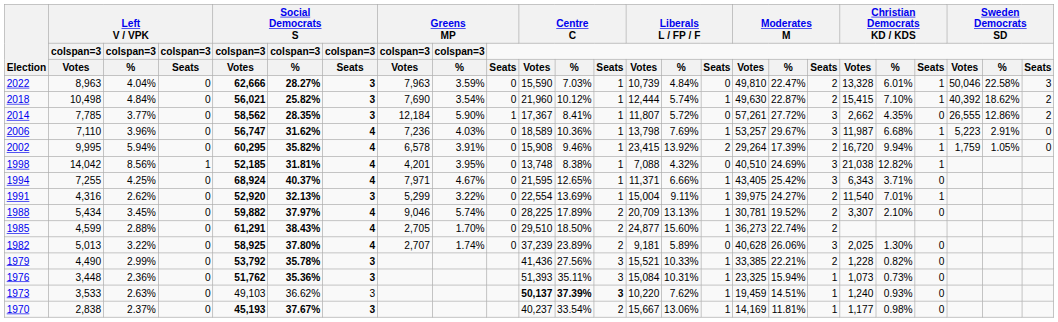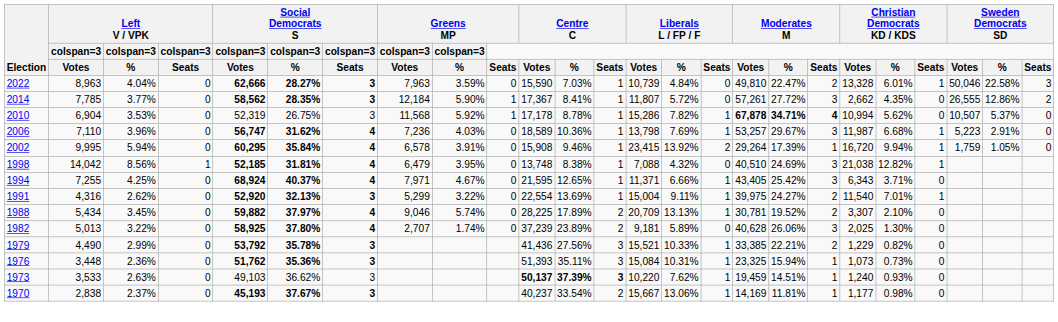 <table class="wikitable" border="1" style="font-size:95%; text-align:right;">
 <tr>
 <th style="text-align:left;" valign=bottom rowspan=3>Election</th>
 <th valign=bottom colspan=3><a href='#'>Left</a><br>V / VPK</th>
 <th valign=bottom colspan=3><a href='#'>Social<br>Democrats</a><br>S</th>
 <th valign=bottom colspan=3><a href='#'>Greens</a><br>MP</th>
 <th valign=bottom colspan=3><a href='#'>Centre</a><br>C</th>
 <th valign=bottom colspan=3><a href='#'>Liberals</a><br>L / FP / F</th>
 <th valign=bottom colspan=3><a href='#'>Moderates</a><br>M</th>
 <th valign=bottom colspan=3><a href='#'>Christian<br>Democrats</a><br>KD / KDS</th>
 <th valign=bottom colspan=3><a href='#'>Sweden<br>Democrats</a><br>SD</th>
 </tr>
 <tr>
 <th>colspan=3 </th>
 <th>colspan=3 </th>
 <th>colspan=3 </th>
 <th>colspan=3 </th>
 <th>colspan=3 </th>
 <th>colspan=3 </th>
 <th>colspan=3 </th>
 <th>colspan=3 </th>
 </tr>
 <tr>
 <th>Votes</th>
 <th>%</th>
 <th>Seats</th>
 <th>Votes</th>
 <th>%</th>
 <th>Seats</th>
 <th>Votes</th>
 <th>%</th>
 <th>Seats</th>
 <th>Votes</th>
 <th>%</th>
 <th>Seats</th>
 <th>Votes</th>
 <th>%</th>
 <th>Seats</th>
 <th>Votes</th>
 <th>%</th>
 <th>Seats</th>
 <th>Votes</th>
 <th>%</th>
 <th>Seats</th>
 <th>Votes</th>
 <th>%</th>
 <th>Seats</th>
 </tr>
 <tr>
 <td align=left><a href='#'>2022</a></td>
 <td>8,963</td>
 <td>4.04%</td>
 <td>0</td>
 <td><strong>62,666</strong></td>
 <td><strong>28.27%</strong></td>
 <td><strong>3</strong></td>
 <td>7,963</td>
 <td>3.59%</td>
 <td>0</td>
 <td>15,590</td>
 <td>7.03%</td>
 <td>1</td>
 <td>10,739</td>
 <td>4.84%</td>
 <td>0</td>
 <td>49,810</td>
 <td>22.47%</td>
 <td>2</td>
 <td>13,328</td>
 <td>6.01%</td>
 <td>1</td>
 <td>50,046</td>
 <td>22.58%</td>
 <td>3</td>
 </tr>
 <tr>
-<td align=left><a href='#'>2018</a></td>
-<td>10,498</td>
-<td>4.84%</td>
-<td>0</td>
-<td><strong>56,021</strong></td>
-<td><strong>25.82%</strong></td>
-<td><strong>3</strong></td>
-<td>7,690</td>
-<td>3.54%</td>
-<td>0</td>
-<td>21,960</td>
-<td>10.12%</td>
-<td>1</td>
-<td>12,444</td>
-<td>5.74%</td>
-<td>1</td>
-<td>49,630</td>
-<td>22.87%</td>
-<td>2</td>
-<td>15,415</td>
-<td>7.10%</td>
-<td>1</td>
-<td>40,392</td>
-<td>18.62%</td>
-<td>2</td>
-</tr>
-<tr>
 <td align=left><a href='#'>2014</a></td>
 <td>7,785</td>
 <td>3.77%</td>
 <td>0</td>
 <td><strong>58,562</strong></td>
 <td><strong>28.35%</strong></td>
 <td><strong>3</strong></td>
 <td>12,184</td>
 <td>5.90%</td>
 <td>1</td>
 <td>17,367</td>
 <td>8.41%</td>
 <td>1</td>
 <td>11,807</td>
 <td>5.72%</td>
 <td>0</td>
 <td>57,261</td>
 <td>27.72%</td>
 <td>3</td>
 <td>2,662</td>
 <td>4.35%</td>
 <td>0</td>
 <td>26,555</td>
 <td>12.86%</td>
 <td>2</td>
+</tr>
+<tr>
+<td align=left><a href='#'>2010</a></td>
+<td>6,904</td>
+<td>3.53%</td>
+<td>0</td>
+<td>52,319</td>
+<td>26.75%</td>
+<td>3</td>
+<td>11,568</td>
+<td>5.92%</td>
+<td>1</td>
+<td>17,178</td>
+<td>8.78%</td>
+<td>1</td>
+<td>15,286</td>
+<td>7.82%</td>
+<td>1</td>
+<td><strong>67,878</strong></td>
+<td><strong>34.71%</strong></td>
+<td><strong>4</strong></td>
+<td>10,994</td>
+<td>5.62%</td>
+<td>0</td>
+<td>10,507</td>
+<td>5.37%</td>
+<td>0</td>
 </tr>
 <tr>
 <td align=left><a href='#'>2006</a></td>
 <td>7,110</td>
 <td>3.96%</td>
 <td>0</td>
 <td><strong>56,747</strong></td>
 <td><strong>31.62%</strong></td>
 <td><strong>4</strong></td>
 <td>7,236</td>
 <td>4.03%</td>
 <td>0</td>
 <td>18,589</td>
 <td>10.36%</td>
 <td>1</td>
 <td>13,798</td>
 <td>7.69%</td>
 <td>1</td>
 <td>53,257</td>
 <td>29.67%</td>
 <td>3</td>
 <td>11,987</td>
 <td>6.68%</td>
 <td>1</td>
 <td>5,223</td>
 <td>2.91%</td>
 <td>0</td>
 </tr>
 <tr>
 <td align=left><a href='#'>2002</a></td>
 <td>9,995</td>
 <td>5.94%</td>
 <td>0</td>
 <td><strong>60,295</strong></td>
-<td><strong>35.82%</strong></td>
+<td><strong>35.84%</strong></td>
 <td><strong>4</strong></td>
 <td>6,578</td>
 <td>3.91%</td>
 <td>0</td>
 <td>15,908</td>
 <td>9.46%</td>
 <td>1</td>
 <td>23,415</td>
 <td>13.92%</td>
 <td>2</td>
 <td>29,264</td>
 <td>17.39%</td>
-<td>2</td>
+<td>1</td>
 <td>16,720</td>
 <td>9.94%</td>
 <td>1</td>
 <td>1,759</td>
 <td>1.05%</td>
 <td>0</td>
 </tr>
 <tr>
 <td align=left><a href='#'>1998</a></td>
 <td>14,042</td>
 <td>8.56%</td>
 <td>1</td>
 <td><strong>52,185</strong></td>
 <td><strong>31.81%</strong></td>
 <td><strong>4</strong></td>
-<td>4,201</td>
+<td>6,479</td>
 <td>3.95%</td>
 <td>0</td>
 <td>13,748</td>
 <td>8.38%</td>
 <td>1</td>
 <td>7,088</td>
 <td>4.32%</td>
 <td>0</td>
 <td>40,510</td>
 <td>24.69%</td>
 <td>3</td>
 <td>21,038</td>
 <td>12.82%</td>
 <td>1</td>
 <td></td>
 <td></td>
 <td></td>
 </tr>
 <tr>
 <td align=left><a href='#'>1994</a></td>
 <td>7,255</td>
 <td>4.25%</td>
 <td>0</td>
 <td><strong>68,924</strong></td>
 <td><strong>40.37%</strong></td>
 <td><strong>4</strong></td>
 <td>7,971</td>
 <td>4.67%</td>
 <td>0</td>
 <td>21,595</td>
 <td>12.65%</td>
 <td>1</td>
 <td>11,371</td>
 <td>6.66%</td>
 <td>1</td>
 <td>43,405</td>
 <td>25.42%</td>
 <td>3</td>
 <td>6,343</td>
 <td>3.71%</td>
 <td>0</td>
 <td></td>
 <td></td>
 <td></td>
 </tr>
 <tr>
 <td align=left><a href='#'>1991</a></td>
 <td>4,316</td>
 <td>2.62%</td>
 <td>0</td>
 <td><strong>52,920</strong></td>
 <td><strong>32.13%</strong></td>
 <td><strong>3</strong></td>
 <td>5,299</td>
 <td>3.22%</td>
 <td>0</td>
 <td>22,554</td>
 <td>13.69%</td>
 <td>1</td>
 <td>15,004</td>
 <td>9.11%</td>
 <td>1</td>
 <td>39,975</td>
 <td>24.27%</td>
 <td>2</td>
 <td>11,540</td>
 <td>7.01%</td>
 <td>1</td>
 <td></td>
 <td></td>
 <td></td>
 </tr>
 <tr>
 <td align=left><a href='#'>1988</a></td>
 <td>5,434</td>
 <td>3.45%</td>
 <td>0</td>
 <td><strong>59,882</strong></td>
 <td><strong>37.97%</strong></td>
 <td><strong>4</strong></td>
 <td>9,046</td>
 <td>5.74%</td>
 <td>0</td>
 <td>28,225</td>
 <td>17.89%</td>
 <td>2</td>
 <td>20,709</td>
 <td>13.13%</td>
 <td>1</td>
 <td>30,781</td>
 <td>19.52%</td>
 <td>2</td>
 <td>3,307</td>
 <td>2.10%</td>
 <td>0</td>
 <td></td>
 <td></td>
 <td></td>
 </tr>
 <tr>
-<td align=left><a href='#'>1985</a></td>
-<td>4,599</td>
-<td>2.88%</td>
-<td>0</td>
-<td><strong>61,291</strong></td>
-<td><strong>38.43%</strong></td>
-<td><strong>4</strong></td>
-<td>2,705</td>
-<td>1.70%</td>
-<td>0</td>
-<td>29,510</td>
-<td>18.50%</td>
-<td>2</td>
-<td>24,877</td>
-<td>15.60%</td>
-<td>1</td>
-<td>36,273</td>
-<td>22.74%</td>
-<td>2</td>
-<td></td>
-<td></td>
-<td></td>
-<td></td>
-<td></td>
-<td></td>
-</tr>
-<tr>
 <td align=left><a href='#'>1982</a></td>
 <td>5,013</td>
 <td>3.22%</td>
 <td>0</td>
 <td><strong>58,925</strong></td>
 <td><strong>37.80%</strong></td>
 <td><strong>4</strong></td>
 <td>2,707</td>
 <td>1.74%</td>
 <td>0</td>
 <td>37,239</td>
 <td>23.89%</td>
 <td>2</td>
 <td>9,181</td>
 <td>5.89%</td>
 <td>0</td>
 <td>40,628</td>
 <td>26.06%</td>
 <td>3</td>
 <td>2,025</td>
 <td>1.30%</td>
 <td>0</td>
 <td></td>
 <td></td>
 <td></td>
 </tr>
 <tr>
 <td align=left><a href='#'>1979</a></td>
 <td>4,490</td>
 <td>2.99%</td>
 <td>0</td>
 <td><strong>53,792</strong></td>
 <td><strong>35.78%</strong></td>
 <td><strong>3</strong></td>
 <td></td>
 <td></td>
 <td></td>
 <td>41,436</td>
 <td>27.56%</td>
 <td>3</td>
 <td>15,521</td>
 <td>10.33%</td>
 <td>1</td>
 <td>33,385</td>
 <td>22.21%</td>
 <td>2</td>
-<td>1,228</td>
+<td>1,229</td>
 <td>0.82%</td>
 <td>0</td>
 <td></td>
 <td></td>
 <td></td>
 </tr>
 <tr>
 <td align=left><a href='#'>1976</a></td>
 <td>3,448</td>
 <td>2.36%</td>
 <td>0</td>
 <td><strong>51,762</strong></td>
 <td><strong>35.36%</strong></td>
 <td><strong>3</strong></td>
 <td></td>
 <td></td>
 <td></td>
 <td>51,393</td>
 <td>35.11%</td>
 <td>3</td>
 <td>15,084</td>
 <td>10.31%</td>
 <td>1</td>
 <td>23,325</td>
 <td>15.94%</td>
 <td>1</td>
 <td>1,073</td>
 <td>0.73%</td>
 <td>0</td>
 <td></td>
 <td></td>
 <td></td>
 </tr>
 <tr>
 <td align=left><a href='#'>1973</a></td>
 <td>3,533</td>
 <td>2.63%</td>
 <td>0</td>
 <td>49,103</td>
 <td>36.62%</td>
 <td>3</td>
 <td></td>
 <td></td>
 <td></td>
 <td><strong>50,137</strong></td>
 <td><strong>37.39%</strong></td>
 <td><strong>3</strong></td>
 <td>10,220</td>
 <td>7.62%</td>
 <td>1</td>
 <td>19,459</td>
 <td>14.51%</td>
 <td>1</td>
 <td>1,240</td>
 <td>0.93%</td>
 <td>0</td>
 <td></td>
 <td></td>
 <td></td>
 </tr>
 <tr>
 <td align=left><a href='#'>1970</a></td>
 <td>2,838</td>
 <td>2.37%</td>
 <td>0</td>
 <td><strong>45,193</strong></td>
 <td><strong>37.67%</strong></td>
 <td><strong>3</strong></td>
 <td></td>
 <td></td>
 <td></td>
 <td>40,237</td>
 <td>33.54%</td>
 <td>2</td>
 <td>15,667</td>
 <td>13.06%</td>
 <td>1</td>
 <td>14,169</td>
 <td>11.81%</td>
 <td>1</td>
 <td>1,177</td>
 <td>0.98%</td>
 <td>0</td>
 <td></td>
 <td></td>
 <td></td>
 </tr>
 </table>
